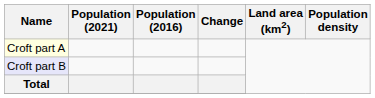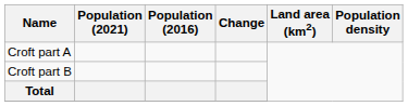 <table class="wikitable sortable collapsible">
 <tr>
 <th scope="col">Name</th>
 <th scope="col">Population<br>(2021)</th>
 <th scope="col">Population<br>(2016)</th>
 <th scope="col">Change</th>
 <th scope="col">Land area<br>(km<sup>2</sup>)</th>
 <th scope="col">Population<br>density</th>
 </tr>
 <tr>
-<td scope="row" style="background: lightyellow;">Croft part A</td>
+<td scope="row">Croft part A</td>
 <td></td>
 <td align=center></td>
 <td align=center></td>
 </tr>
 <tr>
-<td scope="row" style="background: lavender;">Croft part B</td>
+<td scope="row">Croft part B</td>
 <td></td>
 <td align=center></td>
 <td align=center></td>
 </tr>
 <tr class="sortbottom" align="center" style="background: #f2f2f2;">
 <td><strong>Total</strong></td>
 <td></td>
 <td align=center><strong></strong></td>
 <td><strong></strong></td>
 </tr>
 <tr>
 </tr>
 </table>
